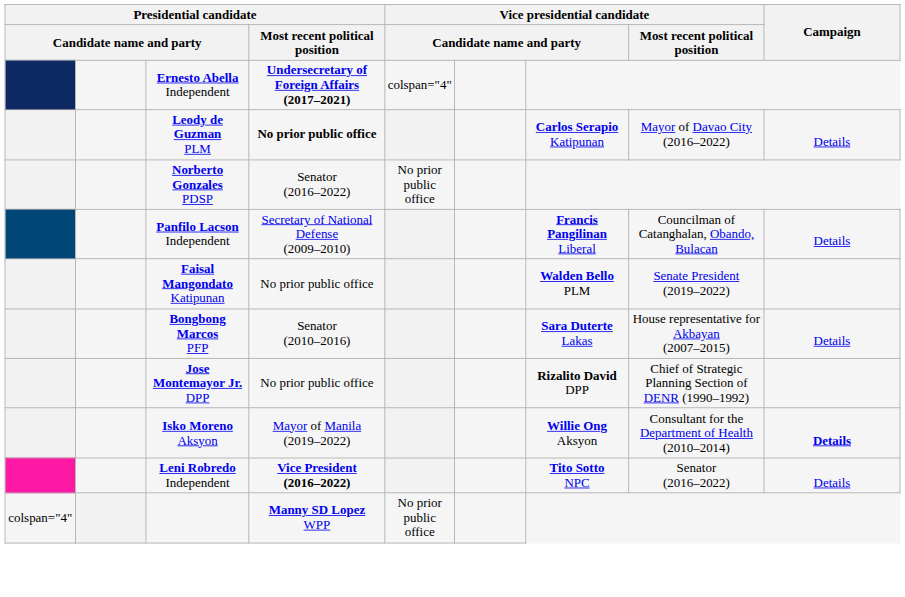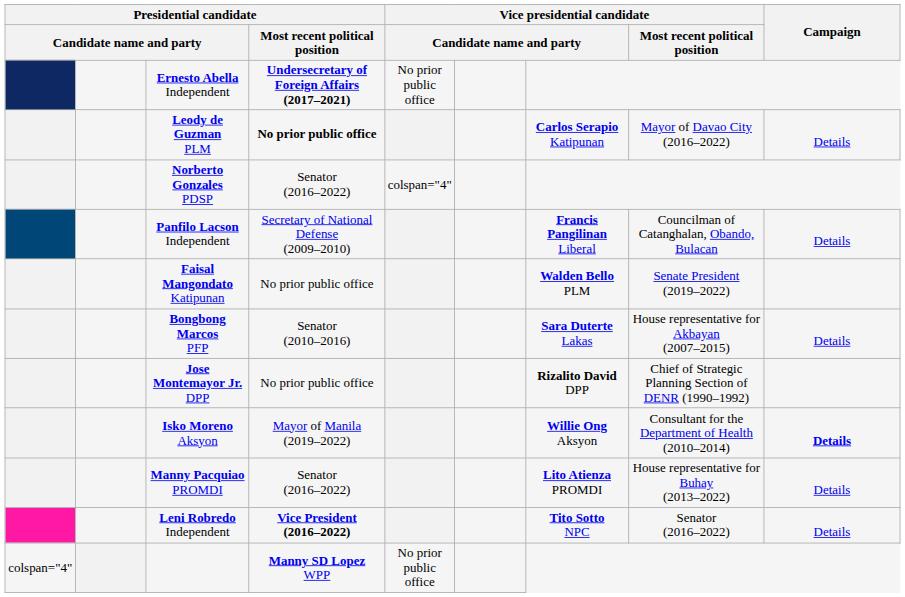 <table class="wikitable" style="margin-left: auto; margin-right: auto; border: none; text-align:center;font-size:100%; background:#f5f5f5;">
 <tr>
 <th colspan="4">Presidential candidate</th>
 <th colspan="4">Vice presidential candidate</th>
 <th rowspan="2">Campaign</th>
 </tr>
 <tr>
 <th colspan="3">Candidate name and party</th>
 <th>Most recent political position</th>
 <th colspan="3">Candidate name and party</th>
 <th>Most recent political position</th>
 </tr>
 <tr>
 <th width=5px style="background:#0E2864;"></th>
 <td width=80px></td>
 <td width=120px><strong><a href='#'>Ernesto Abella</a></strong><br>Independent</td>
 <td width=160px><strong><a href='#'>Undersecretary of Foreign Affairs</a><br>(2017–2021)</strong></td>
-<td>colspan="4" </td>
+<td>No prior public office</td>
 <td></td>
 </tr>
 <tr>
 <th></th>
 <td style="width:80px;"></td>
 <td><strong><a href='#'>Leody de Guzman</a></strong><br><a href='#'>PLM</a></td>
 <td><strong>No prior public office</strong></td>
 <th width=5px style="background:"></th>
 <td width=80px></td>
 <td><strong><a href='#'>Carlos Serapio</a></strong><br><a href='#'>Katipunan</a></td>
 <td><a href='#'>Mayor</a> of <a href='#'>Davao City</a><br>(2016–2022)</td>
 <td width=160px><br><a href='#'>Details</a></td>
 </tr>
 <tr>
 <th></th>
 <td></td>
 <td><strong><a href='#'>Norberto Gonzales</a></strong><br><a href='#'>PDSP</a></td>
 <td>Senator<br>(2016–2022)</td>
-<td>No prior public office</td>
+<td>colspan="4" </td>
 <td></td>
 </tr>
 <tr>
 <th style="background:#004777;"></th>
 <td style="width:80px"></td>
 <td><strong><a href='#'>Panfilo Lacson</a></strong><br>Independent</td>
 <td><a href='#'>Secretary of National Defense</a><br>(2009–2010)</td>
 <th></th>
 <td style="width:80px"></td>
 <td><strong><a href='#'>Francis Pangilinan</a></strong><br><a href='#'>Liberal</a></td>
 <td>Councilman of Catanghalan, <a href='#'>Obando, Bulacan</a></td>
 <td><br><a href='#'>Details</a></td>
 </tr>
 <tr>
 <th></th>
 <td style="width:80px"></td>
 <td><strong><a href='#'>Faisal Mangondato</a></strong><br><a href='#'>Katipunan</a></td>
 <td>No prior public office</td>
 <th></th>
 <td style="width:80px"></td>
 <td width=120px><strong><a href='#'>Walden Bello</a></strong><br>PLM</td>
 <td><a href='#'>Senate President</a><br>(2019–2022)</td>
 <td></td>
 </tr>
 <tr>
 <th></th>
 <td style="width:80px"></td>
 <td><strong><a href='#'>Bongbong Marcos</a></strong><br><a href='#'>PFP</a></td>
 <td>Senator<br>(2010–2016)</td>
 <th></th>
 <td style="width:80px"></td>
 <td><strong><a href='#'>Sara Duterte</a></strong><br><a href='#'>Lakas</a></td>
 <td width=160px>House representative for <a href='#'>Akbayan</a><br>(2007–2015)</td>
 <td><br><a href='#'>Details</a></td>
 </tr>
 <tr>
 <th></th>
 <td style="width:80px"></td>
 <td><strong><a href='#'>Jose Montemayor Jr.</a></strong><br><a href='#'>DPP</a></td>
 <td>No prior public office</td>
 <th></th>
 <td></td>
 <td><strong>Rizalito David</strong><br>DPP</td>
 <td>Chief of Strategic Planning Section of <a href='#'>DENR</a> (1990–1992)</td>
 <td></td>
 </tr>
 <tr>
 <th></th>
 <td style="width:80px"></td>
 <td><strong><a href='#'>Isko Moreno</a></strong><br><a href='#'>Aksyon</a></td>
 <td><a href='#'>Mayor</a> of <a href='#'>Manila</a><br>(2019–2022)</td>
 <th></th>
 <td style="width:80px"></td>
 <td><strong><a href='#'>Willie Ong</a></strong><br>Aksyon</td>
 <td>Consultant for the <a href='#'>Department of Health</a> (2010–2014)</td>
 <td><strong><br><a href='#'>Details</a></strong></td>
 </tr>
 <tr>
+<th></th>
+<td style="width:80px"></td>
+<td><strong><a href='#'>Manny Pacquiao</a></strong><br><a href='#'>PROMDI</a></td>
+<td>Senator<br>(2016–2022)</td>
+<th></th>
+<td style="width:80px"></td>
+<td><strong><a href='#'>Lito Atienza</a></strong><br>PROMDI</td>
+<td>House representative for <a href='#'>Buhay</a><br>(2013–2022)</td>
+<td><br><a href='#'>Details</a></td>
+</tr>
+<tr>
 <th style="background:#FE18A3;"></th>
 <td style="width:80px"></td>
 <td><strong><a href='#'>Leni Robredo</a></strong><br>Independent</td>
 <td><strong><a href='#'>Vice President</a><br>(2016–2022)</strong></td>
 <th></th>
 <td style="width:80px"></td>
 <td><strong><a href='#'>Tito Sotto</a></strong><br><a href='#'>NPC</a></td>
 <td>Senator<br>(2016–2022)</td>
 <td><br><a href='#'>Details</a></td>
 </tr>
 <tr>
 <td>colspan="4" </td>
 <th></th>
 <td></td>
 <td><strong><a href='#'>Manny SD Lopez</a></strong><br><a href='#'>WPP</a></td>
 <td>No prior public office</td>
 <td></td>
 </tr>
 </table>
